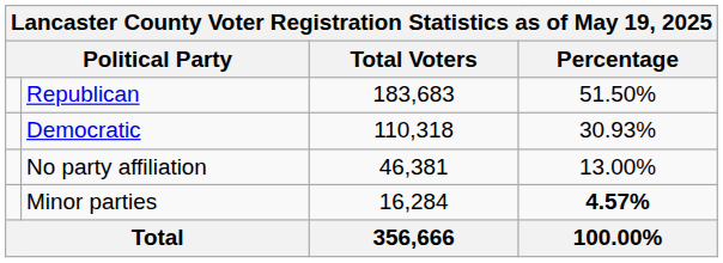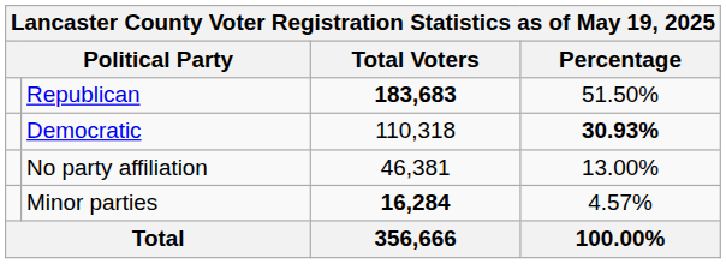 <table class=wikitable>
 <tr>
 <th colspan = 6>Lancaster County Voter Registration Statistics as of May 19, 2025</th>
 </tr>
 <tr>
 <th colspan = 2>Political Party</th>
 <th>Total Voters</th>
 <th>Percentage</th>
 </tr>
 <tr>
 <td></td>
 <td><a href='#'>Republican</a></td>
-<td align = center>183,683</td>
+<td align = center><strong>183,683</strong></td>
 <td align = center>51.50%</td>
 </tr>
 <tr>
 <td></td>
 <td><a href='#'>Democratic</a></td>
 <td align = center>110,318</td>
-<td align = center>30.93%</td>
+<td align = center><strong>30.93%</strong></td>
 </tr>
 <tr>
 <td></td>
 <td>No party affiliation</td>
 <td align = center>46,381</td>
 <td align = center>13.00%</td>
 </tr>
 <tr>
 <td></td>
 <td>Minor parties</td>
-<td align = center>16,284</td>
-<td align = center><strong>4.57%</strong></td>
+<td align = center><strong>16,284</strong></td>
+<td align = center>4.57%</td>
 </tr>
 <tr>
 <th colspan = 2>Total</th>
 <th align = center>356,666</th>
 <th align = center>100.00%</th>
 </tr>
 </table>
